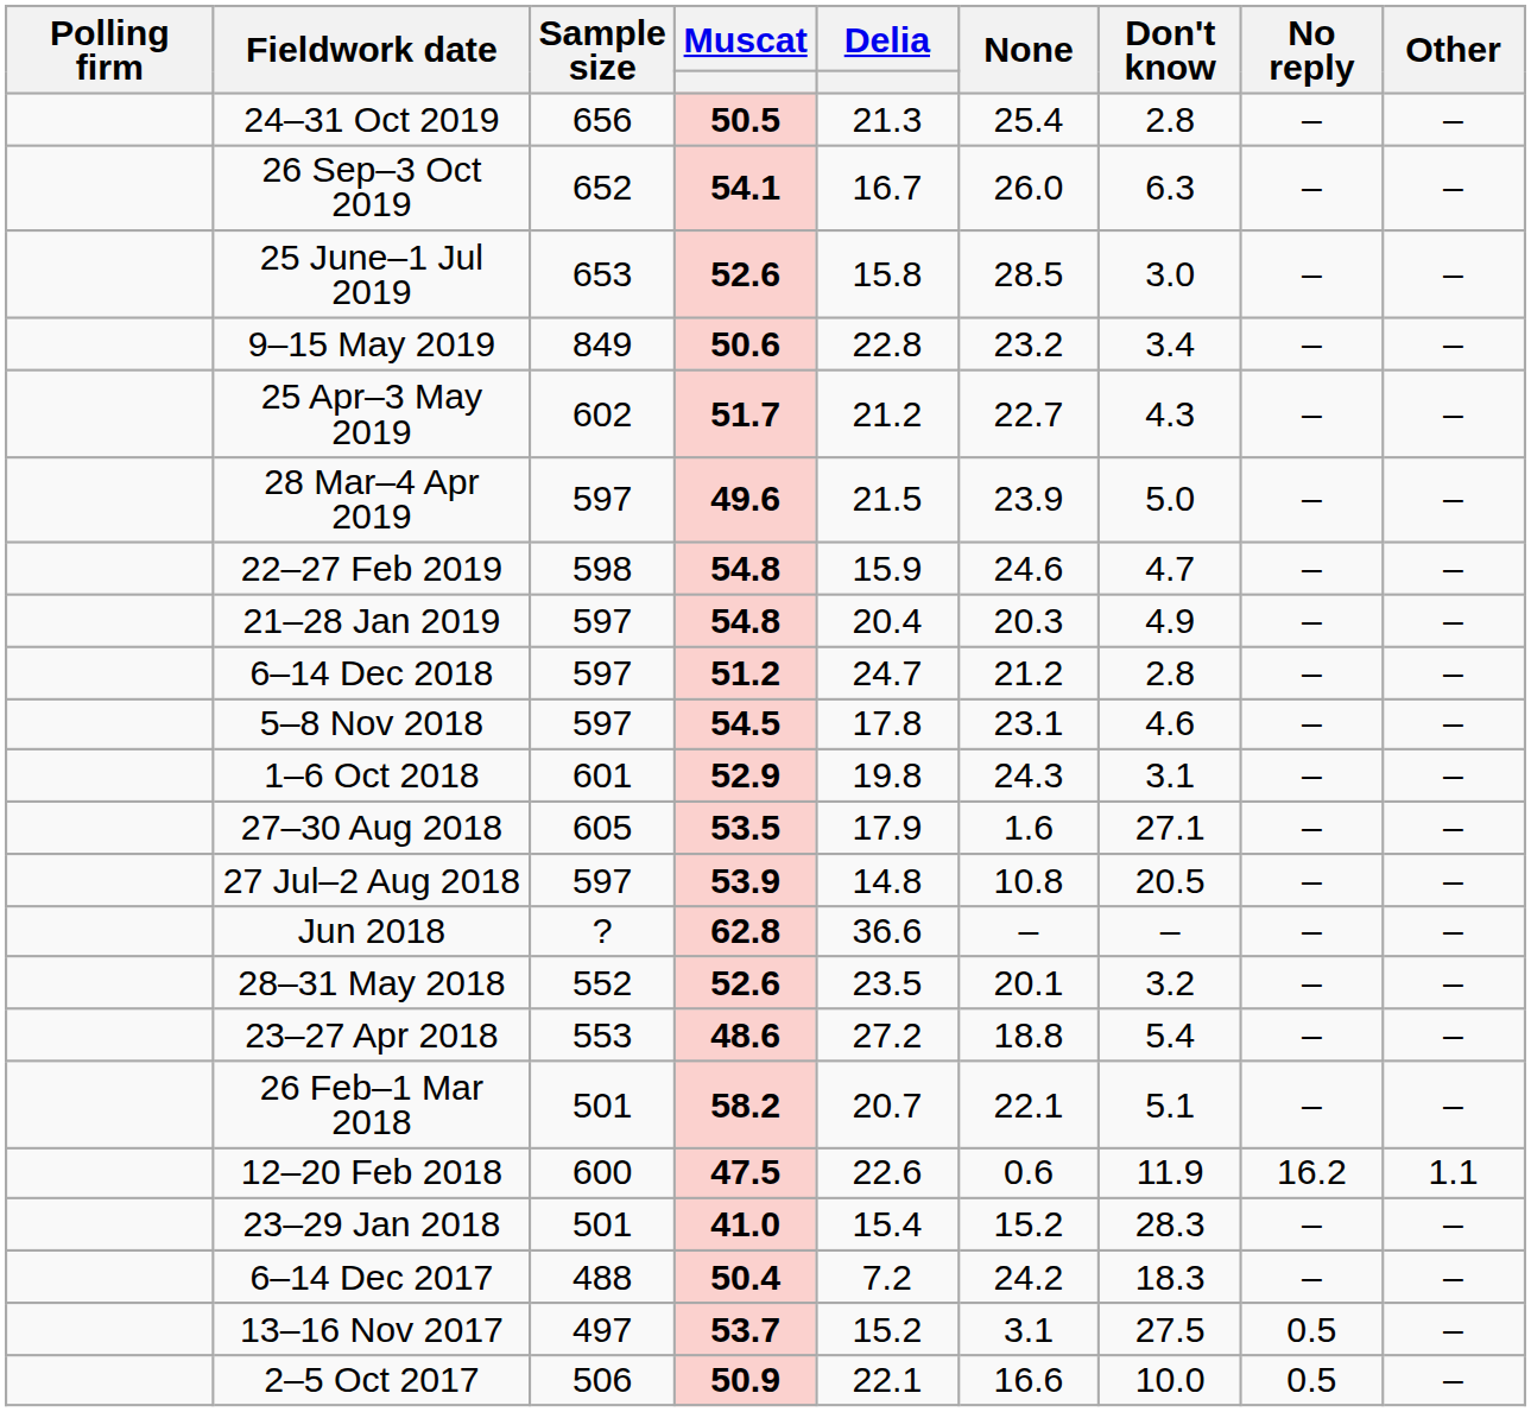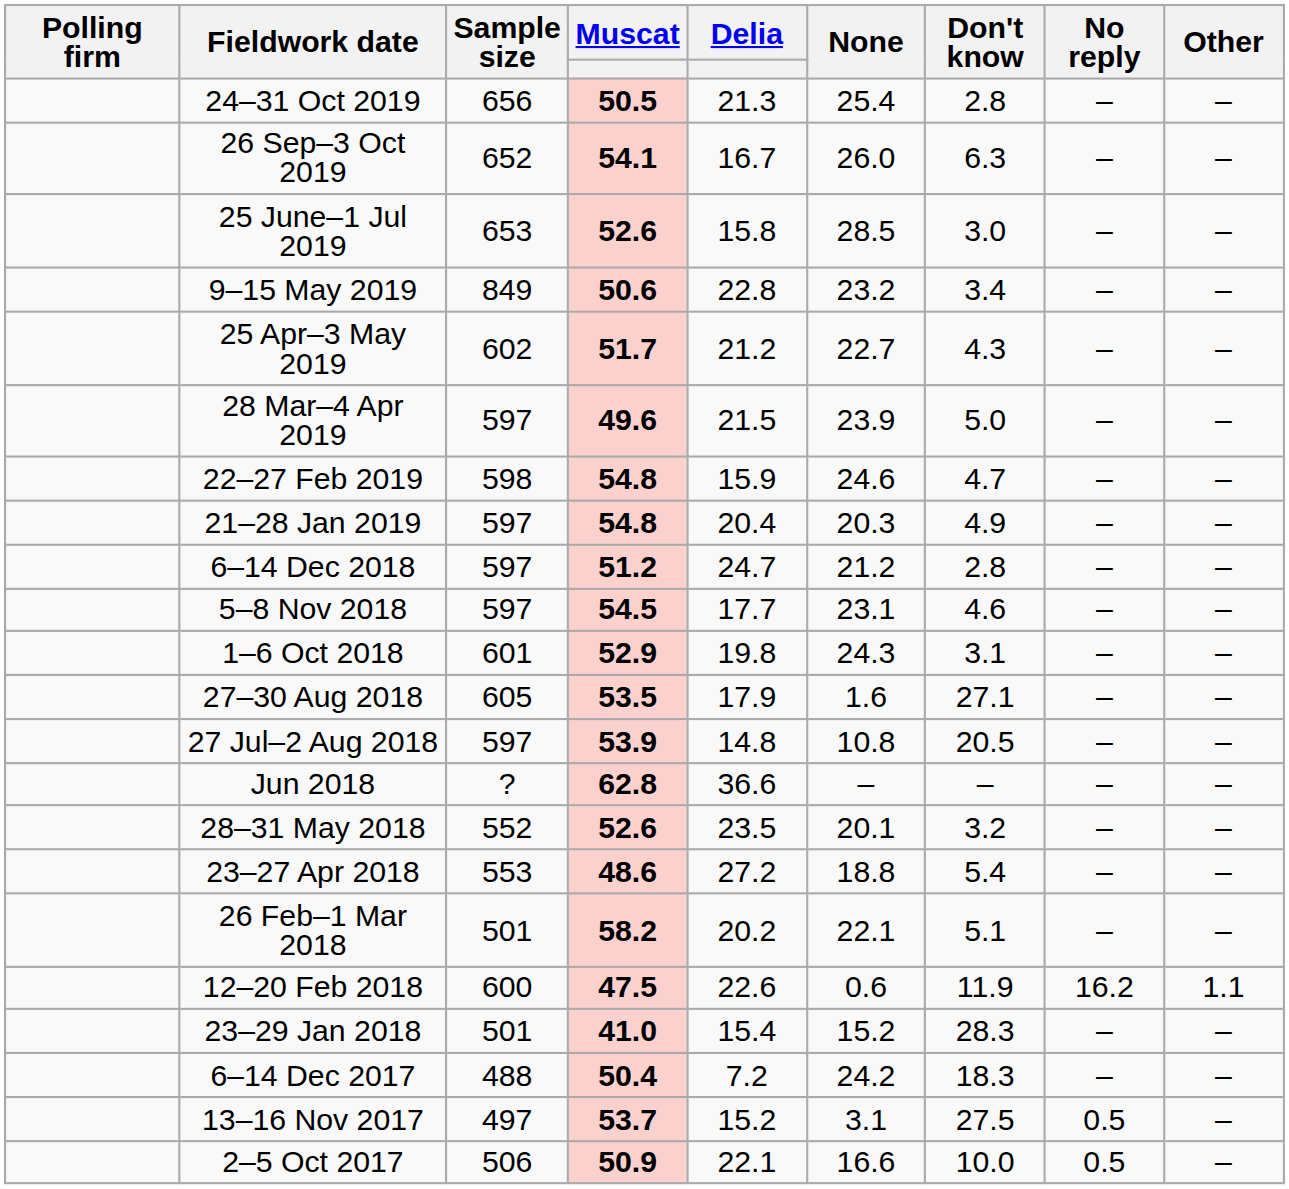 <table class="wikitable sortable" style="text-align:center;font-size:90%;line-height:14px;">
 <tr>
 <th rowspan="2">Polling firm</th>
 <th rowspan="2">Fieldwork date</th>
 <th rowspan="2">Sample<br>size</th>
 <th class="unsortable" style="width:50px;"><a href='#'>Muscat</a><br></th>
 <th class="unsortable" style="width:50px;"><a href='#'>Delia</a><br></th>
 <th class="unsortable" style="width:50px;" rowspan="2"> None</th>
 <th class="unsortable" style="width:50px;" rowspan="2">Don't know</th>
 <th class="unsortable" style="width:50px;" rowspan="2">No reply</th>
 <th class="unsortable" style="width:50px;" rowspan="2">Other</th>
 </tr>
 <tr>
 <th style="background:"></th>
 <th style="background:"></th>
 </tr>
 <tr>
 <td></td>
 <td data-sort-value="2019-10-31">24–31 Oct 2019</td>
 <td>656</td>
 <td style="background:#FBD1CE;"><strong>50.5</strong></td>
 <td>21.3</td>
 <td>25.4</td>
 <td>2.8</td>
 <td>–</td>
 <td>–</td>
 </tr>
 <tr>
 <td></td>
 <td data-sort-value="2019-10-03">26 Sep–3 Oct 2019</td>
 <td>652</td>
 <td style="background:#FBD1CE;"><strong>54.1</strong></td>
 <td>16.7</td>
 <td>26.0</td>
 <td>6.3</td>
 <td>–</td>
 <td>–</td>
 </tr>
 <tr>
 <td></td>
 <td data-sort-value="2019-10-03">25 June–1 Jul 2019</td>
 <td>653</td>
 <td style="background:#FBD1CE;"><strong>52.6</strong></td>
 <td>15.8</td>
 <td>28.5</td>
 <td>3.0</td>
 <td>–</td>
 <td>–</td>
 </tr>
 <tr>
 <td></td>
 <td data-sort-value="2019-05-15">9–15 May 2019</td>
 <td>849</td>
 <td style="background:#FBD1CE;"><strong>50.6</strong></td>
 <td>22.8</td>
 <td>23.2</td>
 <td>3.4</td>
 <td>–</td>
 <td>–</td>
 </tr>
 <tr>
 <td></td>
 <td data-sort-value="2019-05-03">25 Apr–3 May 2019</td>
 <td>602</td>
 <td style="background:#FBD1CE;"><strong>51.7</strong></td>
 <td>21.2</td>
 <td>22.7</td>
 <td>4.3</td>
 <td>–</td>
 <td>–</td>
 </tr>
 <tr>
 <td></td>
 <td data-sort-value="2019-04-04">28 Mar–4 Apr 2019</td>
 <td>597</td>
 <td style="background:#FBD1CE;"><strong>49.6</strong></td>
 <td>21.5</td>
 <td>23.9</td>
 <td>5.0</td>
 <td>–</td>
 <td>–</td>
 </tr>
 <tr>
 <td></td>
 <td data-sort-value="2019-02-27">22–27 Feb 2019</td>
 <td>598</td>
 <td style="background:#FBD1CE;"><strong>54.8</strong></td>
 <td>15.9</td>
 <td>24.6</td>
 <td>4.7</td>
 <td>–</td>
 <td>–</td>
 </tr>
 <tr>
 <td></td>
 <td data-sort-value="2019-01-28">21–28 Jan 2019</td>
 <td>597</td>
 <td style="background:#FBD1CE;"><strong>54.8</strong></td>
 <td>20.4</td>
 <td>20.3</td>
 <td>4.9</td>
 <td>–</td>
 <td>–</td>
 </tr>
 <tr>
 <td></td>
 <td data-sort-value="2018-12-14">6–14 Dec 2018</td>
 <td>597</td>
 <td style="background:#FBD1CE;"><strong>51.2</strong></td>
 <td>24.7</td>
 <td>21.2</td>
 <td>2.8</td>
 <td>–</td>
 <td>–</td>
 </tr>
 <tr>
 <td></td>
 <td data-sort-value="2018-11-08">5–8 Nov 2018</td>
 <td>597</td>
 <td style="background:#FBD1CE;"><strong>54.5</strong></td>
-<td>17.8</td>
+<td>17.7</td>
 <td>23.1</td>
 <td>4.6</td>
 <td>–</td>
 <td>–</td>
 </tr>
 <tr>
 <td></td>
 <td data-sort-value="2018-10-06">1–6 Oct 2018</td>
 <td>601</td>
 <td style="background:#FBD1CE;"><strong>52.9</strong></td>
 <td>19.8</td>
 <td>24.3</td>
 <td>3.1</td>
 <td>–</td>
 <td>–</td>
 </tr>
 <tr>
 <td></td>
 <td data-sort-value="2018-08-30">27–30 Aug 2018</td>
 <td>605</td>
 <td style="background:#FBD1CE;"><strong>53.5</strong></td>
 <td>17.9</td>
 <td>1.6</td>
 <td>27.1</td>
 <td>–</td>
 <td>–</td>
 </tr>
 <tr>
 <td></td>
 <td data-sort-value="2018-08-02">27 Jul–2 Aug 2018</td>
 <td>597</td>
 <td style="background:#FBD1CE;"><strong>53.9</strong></td>
 <td>14.8</td>
 <td>10.8</td>
 <td>20.5</td>
 <td>–</td>
 <td>–</td>
 </tr>
 <tr>
 <td></td>
 <td data-sort-value="2018-06">Jun 2018</td>
 <td>?</td>
 <td style="background:#FBD1CE;"><strong>62.8</strong></td>
 <td>36.6</td>
 <td>–</td>
 <td>–</td>
 <td>–</td>
 <td>–</td>
 </tr>
 <tr>
 <td></td>
 <td data-sort-value="2018-05-31">28–31 May 2018</td>
 <td>552</td>
 <td style="background:#FBD1CE;"><strong>52.6</strong></td>
 <td>23.5</td>
 <td>20.1</td>
 <td>3.2</td>
 <td>–</td>
 <td>–</td>
 </tr>
 <tr>
 <td></td>
 <td data-sort-value="2018-04-28">23–27 Apr 2018</td>
 <td>553</td>
 <td style="background:#FBD1CE;"><strong>48.6</strong></td>
 <td>27.2</td>
 <td>18.8</td>
 <td>5.4</td>
 <td>–</td>
 <td>–</td>
 </tr>
 <tr>
 <td></td>
 <td data-sort-value="2018-03-01">26 Feb–1 Mar 2018</td>
 <td>501</td>
 <td style="background:#FBD1CE;"><strong>58.2</strong></td>
-<td>20.7</td>
+<td>20.2</td>
 <td>22.1</td>
 <td>5.1</td>
 <td>–</td>
 <td>–</td>
 </tr>
 <tr>
 <td></td>
 <td data-sort-value="2018-02-20">12–20 Feb 2018</td>
 <td>600</td>
 <td style="background:#FBD1CE;"><strong>47.5</strong></td>
 <td>22.6</td>
 <td>0.6</td>
 <td>11.9</td>
 <td>16.2</td>
 <td>1.1</td>
 </tr>
 <tr>
 <td></td>
 <td data-sort-value="2018-01-29">23–29 Jan 2018</td>
 <td>501</td>
 <td style="background:#FBD1CE;"><strong>41.0</strong></td>
 <td>15.4</td>
 <td>15.2</td>
 <td>28.3</td>
 <td>–</td>
 <td>–</td>
 </tr>
 <tr>
 <td></td>
 <td data-sort-value="2017-12-14">6–14 Dec 2017</td>
 <td>488</td>
 <td style="background:#FBD1CE;"><strong>50.4</strong></td>
 <td>7.2</td>
 <td>24.2</td>
 <td>18.3</td>
 <td>–</td>
 <td>–</td>
 </tr>
 <tr>
 <td></td>
 <td data-sort-value="2017-11-16">13–16 Nov 2017</td>
 <td>497</td>
 <td style="background:#FBD1CE;"><strong>53.7</strong></td>
 <td>15.2</td>
 <td>3.1</td>
 <td>27.5</td>
 <td>0.5</td>
 <td>–</td>
 </tr>
 <tr>
 <td></td>
 <td data-sort-value="2017-10-05">2–5 Oct 2017</td>
 <td>506</td>
 <td style="background:#FBD1CE;"><strong>50.9</strong></td>
 <td>22.1</td>
 <td>16.6</td>
 <td>10.0</td>
 <td>0.5</td>
 <td>–</td>
 </tr>
 </table>
